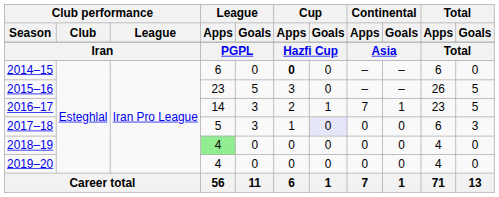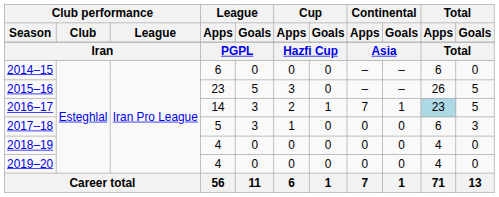 <table class="wikitable" style="text-align:center">
 <tr>
 <th colspan=3>Club performance</th>
 <th colspan=2>League</th>
 <th colspan=2>Cup</th>
 <th colspan=2>Continental</th>
 <th colspan=2>Total</th>
 </tr>
 <tr>
 <th>Season</th>
 <th>Club</th>
 <th>League</th>
 <th>Apps</th>
 <th>Goals</th>
 <th>Apps</th>
 <th>Goals</th>
 <th>Apps</th>
 <th>Goals</th>
 <th>Apps</th>
 <th>Goals</th>
 </tr>
 <tr>
 </tr>
 <tr>
 <th colspan=3>Iran</th>
 <th colspan=2><a href='#'>PGPL</a></th>
 <th colspan=2><a href='#'>Hazfi Cup</a></th>
 <th colspan=2><a href='#'>Asia</a></th>
 <th colspan=2>Total</th>
 </tr>
 <tr>
 <td><a href='#'>2014–15</a></td>
 <td rowspan="6"><a href='#'>Esteghlal</a></td>
 <td rowspan="6"><a href='#'>Iran Pro League</a></td>
 <td>6</td>
 <td>0</td>
-<td><strong>0</strong></td>
+<td>0</td>
 <td>0</td>
 <td>–</td>
 <td>–</td>
 <td>6</td>
 <td>0</td>
 </tr>
 <tr>
 <td><a href='#'>2015–16</a></td>
 <td>23</td>
 <td>5</td>
 <td>3</td>
 <td>0</td>
 <td>–</td>
 <td>–</td>
 <td>26</td>
 <td>5</td>
 </tr>
 <tr>
 <td><a href='#'>2016–17</a></td>
 <td>14</td>
 <td>3</td>
 <td>2</td>
 <td>1</td>
 <td>7</td>
 <td>1</td>
-<td>23</td>
+<td style="background: lightblue;">23</td>
 <td>5</td>
 </tr>
 <tr>
 <td><a href='#'>2017–18</a></td>
 <td>5</td>
 <td>3</td>
 <td>1</td>
-<td style="background: lavender;">0</td>
+<td>0</td>
 <td>0</td>
 <td>0</td>
 <td>6</td>
 <td>3</td>
 </tr>
 <tr>
 <td><a href='#'>2018–19</a></td>
-<td style="background: lightgreen;">4</td>
+<td>4</td>
 <td>0</td>
 <td>0</td>
 <td>0</td>
 <td>0</td>
 <td>0</td>
 <td>4</td>
 <td>0</td>
 </tr>
 <tr>
 <td><a href='#'>2019–20</a></td>
 <td>4</td>
 <td>0</td>
 <td>0</td>
 <td>0</td>
 <td>0</td>
 <td>0</td>
 <td>4</td>
 <td>0</td>
 </tr>
 <tr>
 <th colspan="3">Career total</th>
 <th>56</th>
 <th>11</th>
 <th>6</th>
 <th>1</th>
 <th>7</th>
 <th>1</th>
 <th>71</th>
 <th>13</th>
 </tr>
 </table>
